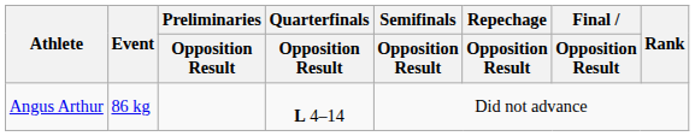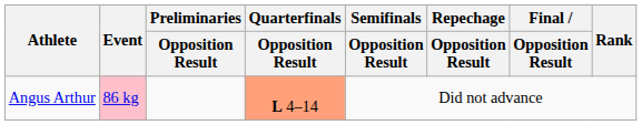 <table class="wikitable" border="1" style="font-size:90%">
 <tr>
 <th rowspan=2>Athlete</th>
 <th rowspan=2>Event</th>
 <th>Preliminaries</th>
 <th>Quarterfinals</th>
 <th>Semifinals</th>
 <th>Repechage</th>
 <th>Final / </th>
 <th rowspan=2>Rank</th>
 </tr>
 <tr>
 <th>Opposition<br>Result</th>
 <th>Opposition<br>Result</th>
 <th>Opposition<br>Result</th>
 <th>Opposition<br>Result</th>
 <th>Opposition<br>Result</th>
 </tr>
 <tr align=center>
 <td align=left><a href='#'>Angus Arthur</a></td>
-<td align=left><a href='#'>86 kg</a></td>
+<td align=left style="background: pink;"><a href='#'>86 kg</a></td>
 <td></td>
-<td><br><strong>L</strong> 4–14</td>
+<td style="background: lightsalmon;"><br><strong>L</strong> 4–14</td>
 <td colspan=4>Did not advance</td>
 </tr>
 </table>
